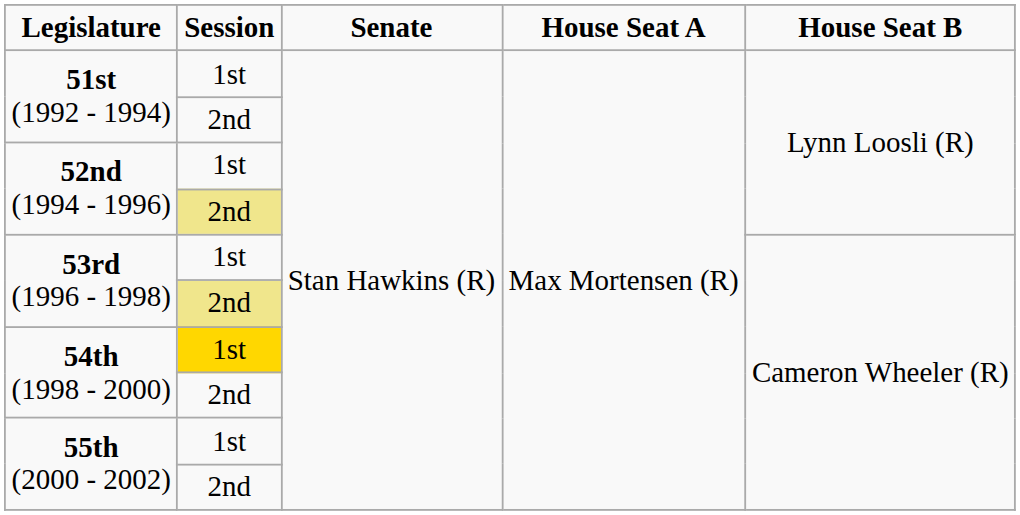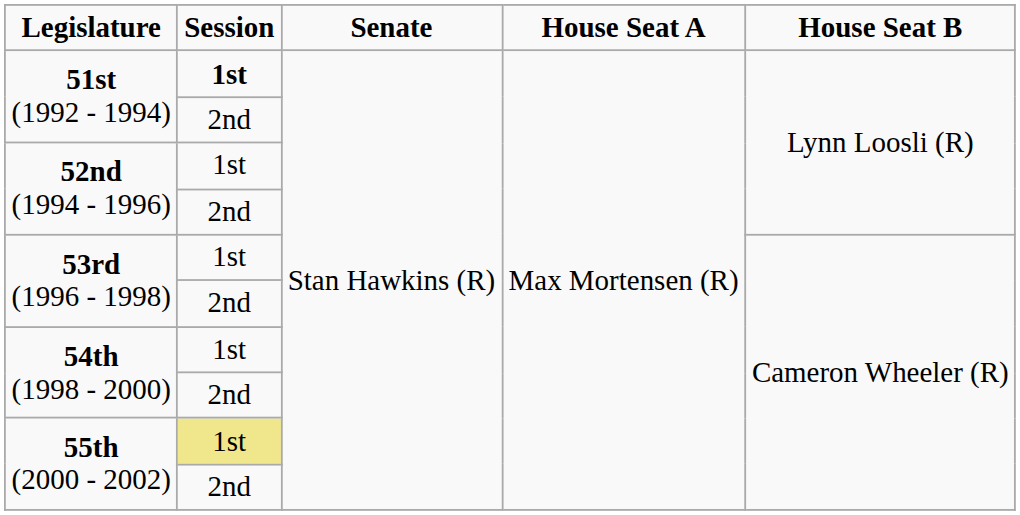 <table class=wikitable style="text-align:center">
 <tr>
 <td><strong>Legislature</strong></td>
 <td><strong>Session</strong></td>
 <td><strong>Senate</strong></td>
 <td><strong>House Seat A</strong></td>
 <td><strong>House Seat B</strong></td>
 </tr>
 <tr>
 <td rowspan="2" colspan="1" style="text-align: center;"><strong>51st</strong> <br> (1992 - 1994)</td>
-<td>1st</td>
+<td><strong>1st</strong></td>
 <td rowspan="10" colspan="1" style="text-align: center;" >Stan Hawkins (R)</td>
 <td rowspan="10" colspan="1" style="text-align: center;" >Max Mortensen (R)</td>
 <td rowspan="4" colspan="1" style="text-align: center;" >Lynn Loosli (R)</td>
 </tr>
 <tr>
 <td>2nd</td>
 </tr>
 <tr>
 <td rowspan="2" colspan="1" style="text-align: center;"><strong>52nd</strong> <br> (1994 - 1996)</td>
 <td>1st</td>
 </tr>
 <tr>
-<td style="background: khaki;">2nd</td>
+<td>2nd</td>
 </tr>
 <tr>
 <td rowspan="2" colspan="1" style="text-align: center;"><strong>53rd</strong> <br> (1996 - 1998)</td>
 <td>1st</td>
 <td rowspan="6" colspan="1" style="text-align: center;" >Cameron Wheeler (R)</td>
 </tr>
 <tr>
-<td style="background: khaki;">2nd</td>
+<td>2nd</td>
 </tr>
 <tr>
 <td rowspan="2" colspan="1" style="text-align: center;"><strong>54th</strong> <br> (1998 - 2000)</td>
-<td style="background: gold;">1st</td>
+<td>1st</td>
 </tr>
 <tr>
 <td>2nd</td>
 </tr>
 <tr>
 <td rowspan="2" colspan="1" style="text-align: center;"><strong>55th</strong> <br> (2000 - 2002)</td>
-<td>1st</td>
+<td style="background: khaki;">1st</td>
 </tr>
 <tr>
 <td>2nd</td>
 </tr>
 </table>
